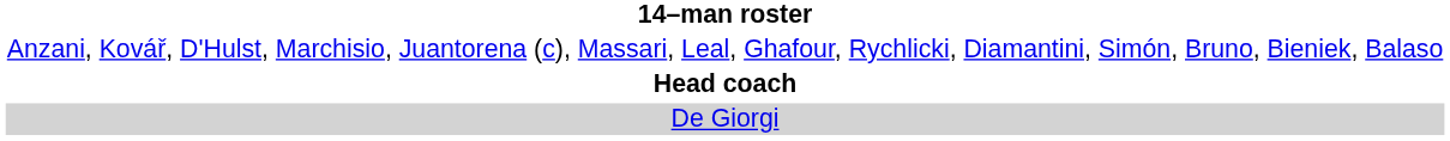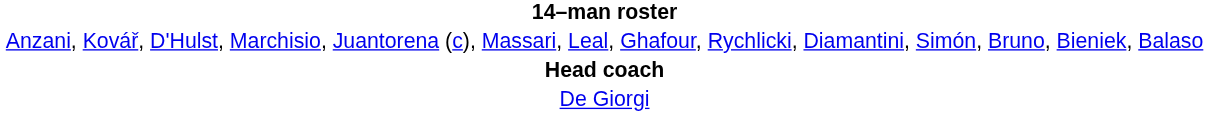 <table style="text-align:center; margin-top:2em; margin-left:auto; margin-right:auto">
 <tr>
 <td><strong>14–man roster</strong></td>
 </tr>
 <tr>
 <td><a href='#'>Anzani</a>, <a href='#'>Kovář</a>, <a href='#'>D'Hulst</a>, <a href='#'>Marchisio</a>, <a href='#'>Juantorena</a> (<a href='#'>c</a>), <a href='#'>Massari</a>, <a href='#'>Leal</a>, <a href='#'>Ghafour</a>, <a href='#'>Rychlicki</a>, <a href='#'>Diamantini</a>, <a href='#'>Simón</a>, <a href='#'>Bruno</a>, <a href='#'>Bieniek</a>, <a href='#'>Balaso</a></td>
 </tr>
 <tr>
 <td><strong>Head coach</strong></td>
 </tr>
 <tr>
-<td style="background: lightgrey;"><a href='#'>De Giorgi</a></td>
+<td><a href='#'>De Giorgi</a></td>
 </tr>
 </table>
